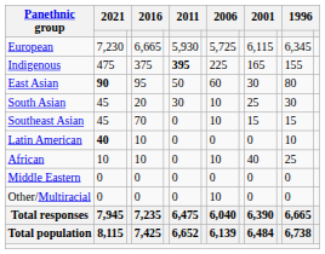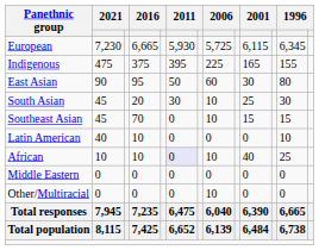 <table class="wikitable collapsible sortable">
 <tr>
 <th rowspan="2"><a href='#'>Panethnic</a><br>group</th>
 <th colspan="2">2021</th>
 <th colspan="2">2016</th>
 <th colspan="2">2011</th>
 <th colspan="2">2006</th>
 <th colspan="2">2001</th>
 <th colspan="2">1996</th>
 </tr>
 <tr>
 <th><a href='#'></a></th>
 <th></th>
 <th></th>
 <th></th>
 <th></th>
 <th></th>
 <th></th>
 <th></th>
 <th></th>
 <th></th>
 <th></th>
 <th></th>
 </tr>
 <tr>
 <td><a href='#'>European</a></td>
 <td>7,230</td>
 <td></td>
 <td>6,665</td>
 <td></td>
 <td>5,930</td>
 <td></td>
 <td>5,725</td>
 <td></td>
 <td>6,115</td>
 <td></td>
 <td>6,345</td>
 <td></td>
 </tr>
 <tr>
 <td><a href='#'>Indigenous</a></td>
 <td>475</td>
 <td></td>
 <td>375</td>
 <td></td>
-<td><strong>395</strong></td>
+<td>395</td>
 <td></td>
 <td>225</td>
 <td></td>
 <td>165</td>
 <td></td>
 <td>155</td>
 <td></td>
 </tr>
 <tr>
 <td><a href='#'>East Asian</a></td>
-<td><strong>90</strong></td>
+<td>90</td>
 <td></td>
 <td>95</td>
 <td></td>
 <td>50</td>
 <td></td>
 <td>60</td>
 <td></td>
 <td>30</td>
 <td></td>
 <td>80</td>
 <td></td>
 </tr>
 <tr>
 <td><a href='#'>South Asian</a></td>
 <td>45</td>
 <td></td>
 <td>20</td>
 <td></td>
 <td>30</td>
 <td></td>
 <td>10</td>
 <td></td>
 <td>25</td>
 <td></td>
 <td>30</td>
 <td></td>
 </tr>
 <tr>
 <td><a href='#'>Southeast Asian</a></td>
 <td>45</td>
 <td></td>
 <td>70</td>
 <td></td>
 <td>0</td>
 <td></td>
 <td>10</td>
 <td></td>
 <td>15</td>
 <td></td>
 <td>15</td>
 <td></td>
 </tr>
 <tr>
 <td><a href='#'>Latin American</a></td>
-<td><strong>40</strong></td>
+<td>40</td>
 <td></td>
 <td>10</td>
 <td></td>
 <td>0</td>
 <td></td>
 <td>0</td>
 <td></td>
 <td>0</td>
 <td></td>
 <td>10</td>
 <td></td>
 </tr>
 <tr>
 <td><a href='#'>African</a></td>
 <td>10</td>
 <td></td>
 <td>10</td>
 <td></td>
-<td>0</td>
+<td style="background: lavender;">0</td>
 <td></td>
 <td>10</td>
 <td></td>
 <td>40</td>
 <td></td>
 <td>25</td>
 <td></td>
 </tr>
 <tr>
 <td><a href='#'>Middle Eastern</a></td>
 <td>0</td>
 <td></td>
 <td>0</td>
 <td></td>
 <td>0</td>
 <td></td>
 <td>0</td>
 <td></td>
 <td>0</td>
 <td></td>
 <td>0</td>
 <td></td>
 </tr>
 <tr>
 <td>Other/<a href='#'>Multiracial</a></td>
 <td>0</td>
 <td></td>
 <td>0</td>
 <td></td>
 <td>0</td>
 <td></td>
 <td>10</td>
 <td></td>
 <td>0</td>
 <td></td>
 <td>0</td>
 <td></td>
 </tr>
 <tr>
 <th>Total responses</th>
 <th>7,945</th>
 <th></th>
 <th>7,235</th>
 <th></th>
 <th>6,475</th>
 <th></th>
 <th>6,040</th>
 <th></th>
 <th>6,390</th>
 <th></th>
 <th>6,665</th>
 <th></th>
 </tr>
 <tr>
 <th>Total population</th>
 <th>8,115</th>
 <th></th>
 <th>7,425</th>
 <th></th>
 <th>6,652</th>
 <th></th>
 <th>6,139</th>
 <th></th>
 <th>6,484</th>
 <th></th>
 <th>6,738</th>
 <th></th>
 </tr>
 <tr class="sortbottom">
 <td colspan="15"></td>
 </tr>
 </table>
